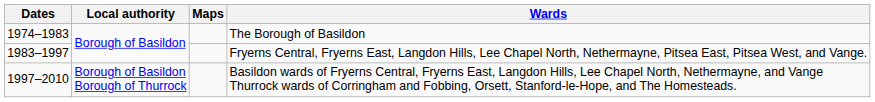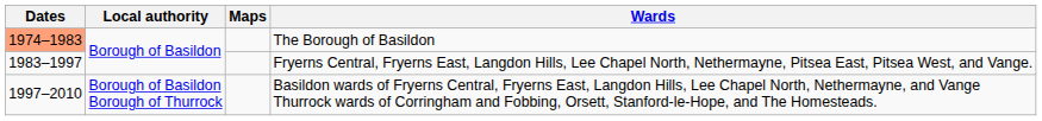 <table class=wikitable>
 <tr>
 <th>Dates</th>
 <th>Local authority</th>
 <th>Maps</th>
 <th><a href='#'>Wards</a></th>
 </tr>
 <tr>
-<td>1974–1983</td>
+<td style="background: lightsalmon;">1974–1983</td>
 <td rowspan="2"><a href='#'>Borough of Basildon</a></td>
 <td></td>
 <td>The Borough of Basildon</td>
 </tr>
 <tr>
 <td>1983–1997</td>
 <td></td>
 <td>Fryerns Central, Fryerns East, Langdon Hills, Lee Chapel North, Nethermayne, Pitsea East, Pitsea West, and Vange.</td>
 </tr>
 <tr>
 <td>1997–2010</td>
 <td><a href='#'>Borough of Basildon</a><br><a href='#'>Borough of Thurrock</a></td>
 <td></td>
 <td>Basildon wards of Fryerns Central, Fryerns East, Langdon Hills, Lee Chapel North, Nethermayne, and Vange<br>Thurrock wards of Corringham and Fobbing, Orsett, Stanford-le-Hope, and The Homesteads.</td>
 </tr>
 </table>
